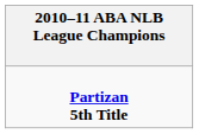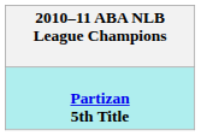 <table class="wikitable" style="margin: 0 auto; width: 30%;">
 <tr>
 <th>2010–11 ABA NLB League Champions<br><br></th>
 </tr>
 <tr>
-<td align=center><br><strong><a href='#'>Partizan</a></strong><br><strong>5th Title</strong></td>
+<td align=center style="background: paleturquoise;"><br><strong><a href='#'>Partizan</a></strong><br><strong>5th Title</strong></td>
 </tr>
 </table>
